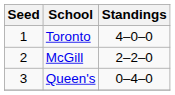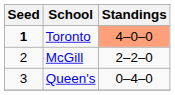 <table class="wikitable">
 <tr>
 <th>Seed</th>
 <th>School</th>
 <th>Standings</th>
 </tr>
 <tr>
-<td align=center>1</td>
+<td align=center><strong>1</strong></td>
 <td><a href='#'>Toronto</a></td>
-<td align=center>4–0–0</td>
+<td align=center style="background: lightsalmon;">4–0–0</td>
 </tr>
 <tr>
 <td align=center>2</td>
 <td><a href='#'>McGill</a></td>
 <td align=center>2–2–0</td>
 </tr>
 <tr>
 <td align=center>3</td>
 <td><a href='#'>Queen's</a></td>
 <td align=center>0–4–0</td>
 </tr>
 <tr>
 </tr>
 </table>
